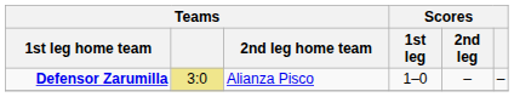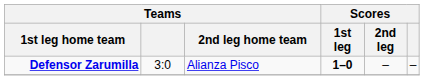 <table class="wikitable" style="text-align: center;">
 <tr>
 <th colspan=3>Teams</th>
 <th colspan=3>Scores</th>
 </tr>
 <tr>
 <th width="175">1st leg home team</th>
 <th width="50"></th>
 <th width="175">2nd leg home team</th>
 <th width="50">1st leg</th>
 <th width="50">2nd leg</th>
 <th></th>
 </tr>
 <tr>
 <td align=right><strong><a href='#'>Defensor Zarumilla</a></strong></td>
-<td style="background: khaki;">3:0</td>
+<td>3:0</td>
 <td align=left><a href='#'>Alianza Pisco</a></td>
-<td>1–0</td>
+<td><strong>1–0</strong></td>
 <td>–</td>
 <td>–</td>
 </tr>
 <tr>
 </tr>
 </table>
